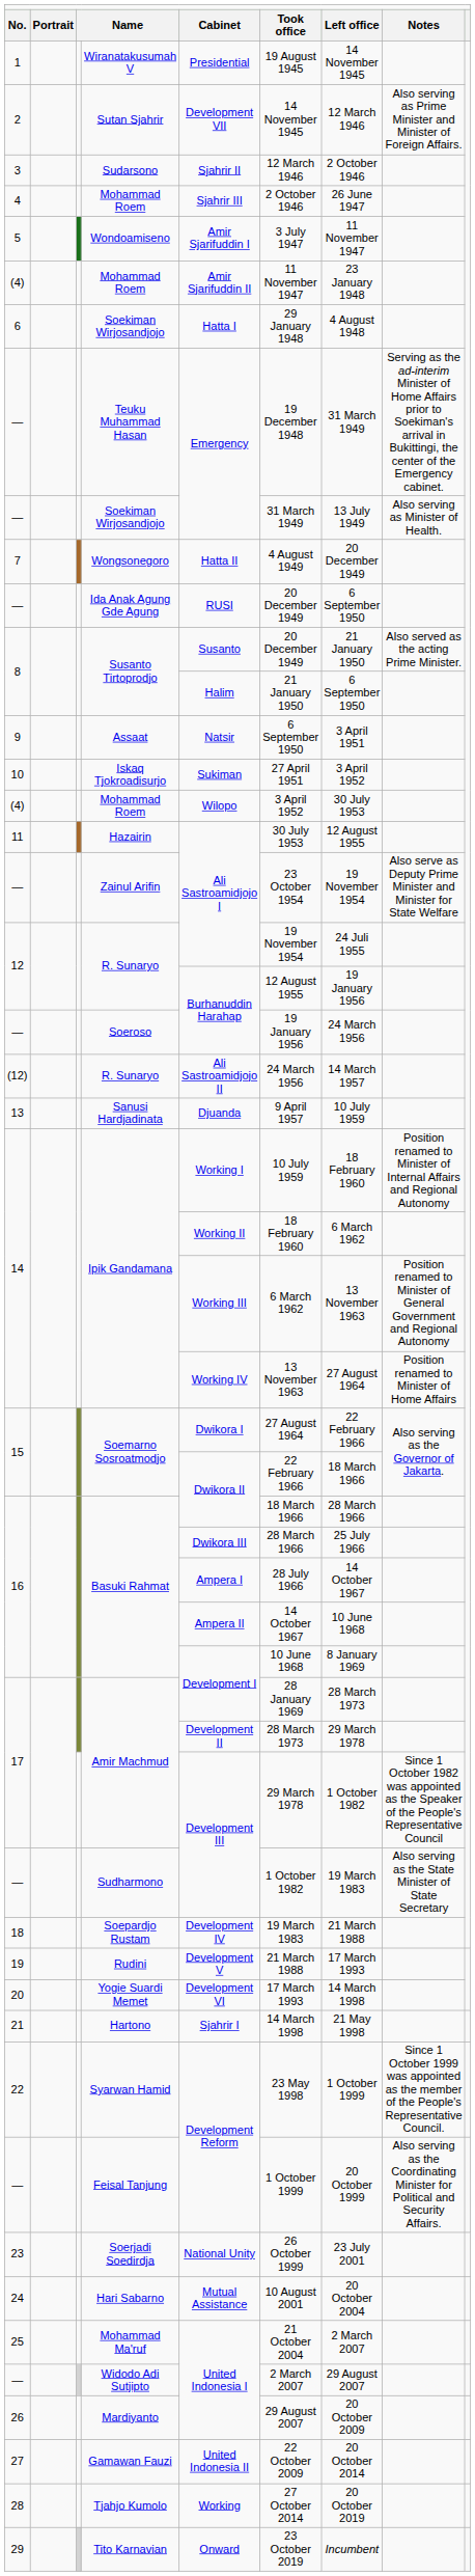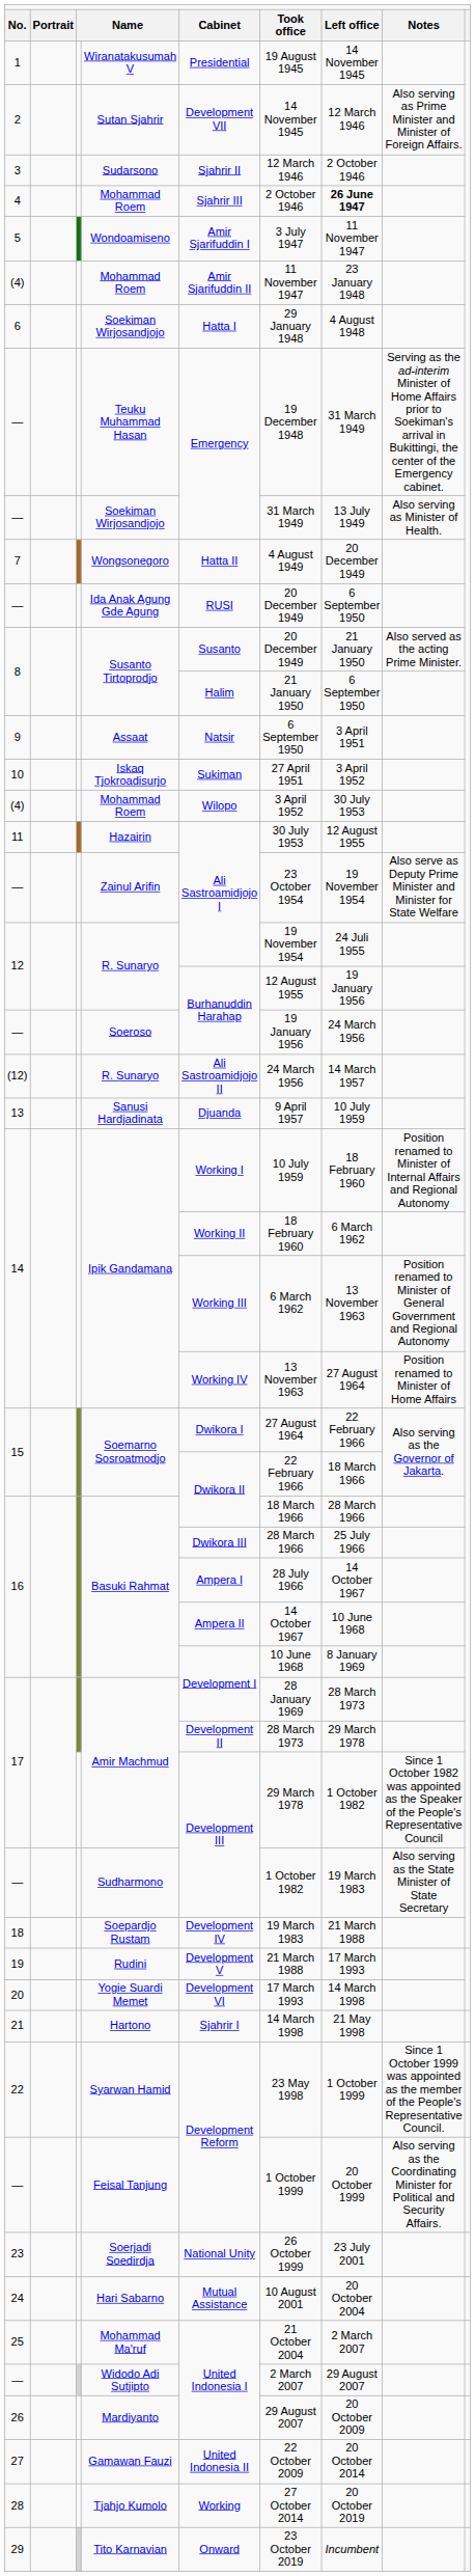 <table class="wikitable" style="text-align: center">
 <tr>
 <td colspan=9></td>
 </tr>
 <tr style="background-color:#cfc;">
 <th>No.</th>
 <th>Portrait</th>
 <th colspan="2">Name</th>
 <th>Cabinet</th>
 <th>Took office</th>
 <th>Left office</th>
 <th>Notes</th>
 <th></th>
 </tr>
 <tr style="background:#F9F9F9">
 <td align="center">1</td>
 <td></td>
 <td bgcolor=></td>
 <td><a href='#'>Wiranatakusumah V</a></td>
 <td><a href='#'>Presidential</a></td>
 <td>19 August 1945</td>
 <td>14 November 1945</td>
 <td></td>
 <td rowspan="39"></td>
 </tr>
 <tr style="background:#F9F9F9">
 <td align="center">2</td>
 <td></td>
 <td bgcolor=></td>
 <td><a href='#'>Sutan Sjahrir</a></td>
 <td><a href='#'>Development VII</a></td>
 <td>14 November 1945</td>
 <td>12 March 1946</td>
 <td>Also serving as Prime Minister and Minister of Foreign Affairs.</td>
 </tr>
 <tr style="background:#F9F9F9">
 <td align="center">3</td>
 <td></td>
 <td bgcolor=></td>
 <td><a href='#'>Sudarsono</a></td>
 <td><a href='#'>Sjahrir II</a></td>
 <td>12 March 1946</td>
 <td>2 October 1946</td>
 <td></td>
 </tr>
 <tr style="background:#F9F9F9">
 <td align="center">4</td>
 <td></td>
 <td bgcolor=></td>
 <td><a href='#'>Mohammad Roem</a></td>
 <td><a href='#'>Sjahrir III</a></td>
 <td>2 October 1946</td>
-<td>26 June 1947</td>
+<td><strong>26 June 1947</strong></td>
 <td></td>
 </tr>
 <tr style="background:#F9F9F9">
 <td align="center">5</td>
 <td></td>
 <td bgcolor=#197019></td>
 <td><a href='#'>Wondoamiseno</a></td>
 <td><a href='#'>Amir Sjarifuddin I</a></td>
 <td>3 July 1947</td>
 <td>11 November 1947</td>
 <td></td>
 </tr>
 <tr style="background:#F9F9F9">
 <td align="center">(4)</td>
 <td></td>
 <td bgcolor=></td>
 <td><a href='#'>Mohammad Roem</a></td>
 <td><a href='#'>Amir Sjarifuddin II</a></td>
 <td>11 November 1947</td>
 <td>23 January 1948</td>
 <td></td>
 </tr>
 <tr style="background:#F9F9F9">
 <td align="center">6</td>
 <td></td>
 <td bgcolor=></td>
 <td><a href='#'>Soekiman Wirjosandjojo</a></td>
 <td><a href='#'>Hatta I</a></td>
 <td>29 January 1948</td>
 <td>4 August 1948</td>
 <td></td>
 </tr>
 <tr style="background:#F9F9F9">
 <td align="center">—</td>
 <td></td>
 <td bgcolor=></td>
 <td><a href='#'>Teuku Muhammad Hasan</a></td>
 <td rowspan=2><a href='#'>Emergency</a></td>
 <td>19 December 1948</td>
 <td>31 March 1949</td>
 <td>Serving as the <em>ad-interim</em> Minister of Home Affairs prior to Soekiman's arrival in Bukittingi, the center of the Emergency cabinet.</td>
 </tr>
 <tr>
 <td align="center">—</td>
 <td></td>
 <td bgcolor=></td>
 <td><a href='#'>Soekiman Wirjosandjojo</a></td>
 <td>31 March 1949</td>
 <td>13 July 1949</td>
 <td>Also serving as Minister of Health.</td>
 </tr>
 <tr style="background:#F9F9F9">
 <td align="center">7</td>
 <td></td>
 <td bgcolor=#a5682a></td>
 <td><a href='#'>Wongsonegoro</a></td>
 <td><a href='#'>Hatta II</a></td>
 <td>4 August 1949</td>
 <td>20 December 1949</td>
 <td></td>
 </tr>
 <tr style="background:#F9F9F9">
 <td align="center">—</td>
 <td></td>
 <td bgcolor=></td>
 <td><a href='#'>Ida Anak Agung Gde Agung</a></td>
 <td><a href='#'>RUSI</a></td>
 <td>20 December 1949</td>
 <td>6 September 1950</td>
 <td></td>
 </tr>
 <tr style="background:#F9F9F9">
 <td align="center" rowspan=2>8</td>
 <td rowspan=2></td>
 <td rowspan=2 bgcolor=></td>
 <td rowspan=2><a href='#'>Susanto Tirtoprodjo</a></td>
 <td><a href='#'>Susanto</a></td>
 <td>20 December 1949</td>
 <td>21 January 1950</td>
 <td>Also served as the acting Prime Minister.</td>
 </tr>
 <tr style="background:#F9F9F9">
 <td><a href='#'>Halim</a></td>
 <td>21 January 1950</td>
 <td>6 September 1950</td>
 <td></td>
 </tr>
 <tr style="background:#F9F9F9">
 <td align="center">9</td>
 <td></td>
 <td bgcolor=></td>
 <td><a href='#'>Assaat</a></td>
 <td><a href='#'>Natsir</a></td>
 <td>6 September 1950</td>
 <td>3 April 1951</td>
 <td></td>
 </tr>
 <tr style="background:#F9F9F9">
 <td align="center">10</td>
 <td></td>
 <td bgcolor=></td>
 <td><a href='#'>Iskaq Tjokroadisurjo</a></td>
 <td><a href='#'>Sukiman</a></td>
 <td>27 April 1951</td>
 <td>3 April 1952</td>
 <td></td>
 </tr>
 <tr style="background:#F9F9F9">
 <td align="center">(4)</td>
 <td></td>
 <td bgcolor=></td>
 <td><a href='#'>Mohammad Roem</a></td>
 <td><a href='#'>Wilopo</a></td>
 <td>3 April 1952</td>
 <td>30 July 1953</td>
 <td></td>
 </tr>
 <tr style="background:#F9F9F9">
 <td align="center">11</td>
 <td></td>
 <td bgcolor=#a5682a></td>
 <td><a href='#'>Hazairin</a></td>
 <td rowspan=3><a href='#'>Ali Sastroamidjojo I</a></td>
 <td>30 July 1953</td>
 <td>12 August 1955</td>
 <td></td>
 </tr>
 <tr style="background:#F9F9F9">
 <td>—</td>
 <td></td>
 <td bgcolor=></td>
 <td><a href='#'>Zainul Arifin</a><br></td>
 <td>23 October 1954</td>
 <td>19 November 1954</td>
 <td>Also serve as Deputy Prime Minister and Minister for State Welfare</td>
 </tr>
 <tr style="background:#F9F9F9">
 <td align="center" rowspan=2>12</td>
 <td rowspan=2></td>
 <td rowspan=2 bgcolor=></td>
 <td rowspan=2><a href='#'>R. Sunaryo</a></td>
 <td>19 November 1954</td>
 <td>24 Juli 1955</td>
 <td></td>
 </tr>
 <tr>
 <td rowspan=2><a href='#'>Burhanuddin Harahap</a></td>
 <td>12 August 1955</td>
 <td>19 January 1956</td>
 <td></td>
 </tr>
 <tr>
 <td>—</td>
 <td></td>
 <td bgcolor=></td>
 <td><a href='#'>Soeroso</a><br></td>
 <td>19 January 1956</td>
 <td>24 March 1956</td>
 <td></td>
 </tr>
 <tr style="background:#F9F9F9">
 <td align="center">(12)</td>
 <td></td>
 <td bgcolor=></td>
 <td><a href='#'>R. Sunaryo</a></td>
 <td><a href='#'>Ali Sastroamidjojo II</a></td>
 <td>24 March 1956</td>
 <td>14 March 1957</td>
 <td></td>
 </tr>
 <tr style="background:#F9F9F9">
 <td align="center">13</td>
 <td></td>
 <td bgcolor=></td>
 <td><a href='#'>Sanusi Hardjadinata</a></td>
 <td><a href='#'>Djuanda</a></td>
 <td>9 April 1957</td>
 <td>10 July 1959</td>
 <td></td>
 </tr>
 <tr style="background:#F9F9F9">
 <td align="center" rowspan=4>14</td>
 <td rowspan=4></td>
 <td rowspan=4 bgcolor=></td>
 <td rowspan=4><a href='#'>Ipik Gandamana</a></td>
 <td><a href='#'>Working I</a></td>
 <td>10 July 1959</td>
 <td>18 February 1960</td>
 <td>Position renamed to Minister of Internal Affairs and Regional Autonomy</td>
 </tr>
 <tr style="background:#F9F9F9">
 <td><a href='#'>Working II</a></td>
 <td>18 February 1960</td>
 <td>6 March 1962</td>
 <td></td>
 </tr>
 <tr style="background:#F9F9F9">
 <td><a href='#'>Working III</a></td>
 <td>6 March 1962</td>
 <td>13 November 1963</td>
 <td>Position renamed to Minister of General Government and Regional Autonomy</td>
 </tr>
 <tr style="background:#F9F9F9">
 <td><a href='#'>Working IV</a></td>
 <td>13 November 1963</td>
 <td>27 August 1964</td>
 <td>Position renamed to Minister of Home Affairs</td>
 </tr>
 <tr style="background:#F9F9F9">
 <td align="center" rowspan=2>15</td>
 <td rowspan=2></td>
 <td rowspan=2 bgcolor="#7B8738"></td>
 <td rowspan=2><a href='#'>Soemarno Sosroatmodjo</a></td>
 <td><a href='#'>Dwikora I</a></td>
 <td>27 August 1964</td>
 <td>22 February 1966</td>
 <td rowspan="2">Also serving as the <a href='#'>Governor of Jakarta</a>.</td>
 </tr>
 <tr>
 <td rowspan="2"><a href='#'>Dwikora II</a></td>
 <td>22 February 1966</td>
 <td>18 March 1966</td>
 </tr>
 <tr style="background:#F9F9F9">
 <td align="center" rowspan=5>16</td>
 <td rowspan=5></td>
 <td rowspan=5 bgcolor="#7B8738"></td>
 <td rowspan=5><a href='#'>Basuki Rahmat</a></td>
 <td>18 March 1966</td>
 <td>28 March 1966</td>
 <td></td>
 </tr>
 <tr>
 <td><a href='#'>Dwikora III</a></td>
 <td>28 March 1966</td>
 <td>25 July 1966</td>
 <td></td>
 </tr>
 <tr style="background:#F9F9F9">
 <td><a href='#'>Ampera I</a></td>
 <td>28 July 1966</td>
 <td>14 October 1967</td>
 <td></td>
 </tr>
 <tr style="background:#F9F9F9">
 <td><a href='#'>Ampera II</a></td>
 <td>14 October 1967</td>
 <td>10 June 1968</td>
 <td></td>
 </tr>
 <tr style="background:#F9F9F9">
 <td rowspan=2><a href='#'>Development I</a></td>
 <td>10 June 1968</td>
 <td>8 January 1969</td>
 <td></td>
 </tr>
 <tr style="background:#F9F9F9">
 <td align="center" rowspan=3>17</td>
 <td rowspan=3></td>
 <td rowspan=2 bgcolor="#7B8738"></td>
 <td rowspan=3><a href='#'>Amir Machmud</a></td>
 <td>28 January 1969</td>
 <td>28 March 1973</td>
 <td></td>
 </tr>
 <tr>
 <td><a href='#'>Development II</a></td>
 <td>28 March 1973</td>
 <td>29 March 1978</td>
 <td></td>
 </tr>
 <tr style="background:#F9F9F9">
 <td bgcolor=></td>
 <td rowspan=2><a href='#'>Development III</a></td>
 <td>29 March 1978</td>
 <td>1 October 1982</td>
 <td>Since 1 October 1982 was appointed as the Speaker of the People's Representative Council</td>
 </tr>
 <tr style="background:#F9F9F9">
 <td align="center">—</td>
 <td></td>
 <td bgcolor=></td>
 <td><a href='#'>Sudharmono</a></td>
 <td>1 October 1982</td>
 <td>19 March 1983</td>
 <td>Also serving as the State Minister of State Secretary</td>
 </tr>
 <tr style="background:#F9F9F9">
 <td align="center">18</td>
 <td></td>
 <td bgcolor=></td>
 <td><a href='#'>Soepardjo Rustam</a></td>
 <td><a href='#'>Development IV</a></td>
 <td>19 March 1983</td>
 <td>21 March 1988</td>
 <td></td>
 </tr>
 <tr style="background:#F9F9F9">
 <td align="center">19</td>
 <td></td>
 <td bgcolor=></td>
 <td><a href='#'>Rudini</a></td>
 <td><a href='#'>Development V</a></td>
 <td>21 March 1988</td>
 <td>17 March 1993</td>
 <td></td>
 </tr>
 <tr style="background:#F9F9F9">
 <td align="center">20</td>
 <td></td>
 <td bgcolor=></td>
 <td><a href='#'>Yogie Suardi Memet</a></td>
 <td><a href='#'>Development VI</a></td>
 <td>17 March 1993</td>
 <td>14 March 1998</td>
 <td></td>
 </tr>
 <tr style="background:#F9F9F9">
 <td align="center">21</td>
 <td></td>
 <td bgcolor=></td>
 <td><a href='#'>Hartono</a></td>
 <td><a href='#'>Sjahrir I</a></td>
 <td>14 March 1998</td>
 <td>21 May 1998</td>
 <td></td>
 <td></td>
 </tr>
 <tr style="background:#F9F9F9">
 <td align="center">22</td>
 <td></td>
 <td bgcolor=></td>
 <td><a href='#'>Syarwan Hamid</a></td>
 <td rowspan=2><a href='#'>Development Reform</a></td>
 <td>23 May 1998</td>
 <td>1 October 1999</td>
 <td>Since 1 October 1999 was appointed as the member of the People's Representative Council.</td>
 <td></td>
 </tr>
 <tr>
 <td align="center">—</td>
 <td></td>
 <td bgcolor=></td>
 <td><a href='#'>Feisal Tanjung</a><br></td>
 <td>1 October 1999</td>
 <td>20 October 1999</td>
 <td>Also serving as the Coordinating Minister for Political and Security Affairs.</td>
 <td></td>
 </tr>
 <tr style="background:#F9F9F9">
 <td align="center">23</td>
 <td></td>
 <td bgcolor=></td>
 <td><a href='#'>Soerjadi Soedirdja</a></td>
 <td><a href='#'>National Unity</a></td>
 <td>26 October 1999</td>
 <td>23 July 2001</td>
 <td></td>
 <td></td>
 </tr>
 <tr style="background:#F9F9F9">
 <td align="center">24</td>
 <td></td>
 <td bgcolor=></td>
 <td><a href='#'>Hari Sabarno</a></td>
 <td><a href='#'>Mutual Assistance</a></td>
 <td>10 August 2001</td>
 <td>20 October 2004</td>
 <td></td>
 <td></td>
 </tr>
 <tr style="background:#F9F9F9">
 <td align="center">25</td>
 <td></td>
 <td bgcolor=></td>
 <td><a href='#'>Mohammad Ma'ruf</a></td>
 <td rowspan=3><a href='#'>United Indonesia I</a></td>
 <td>21 October 2004</td>
 <td>2 March 2007</td>
 <td></td>
 <td></td>
 </tr>
 <tr style="background:#F9F9F9">
 <td align="center">—</td>
 <td></td>
 <td bgcolor=#d3d3d3></td>
 <td><a href='#'>Widodo Adi Sutjipto</a><br></td>
 <td>2 March 2007</td>
 <td>29 August 2007</td>
 <td></td>
 <td></td>
 </tr>
 <tr style="background:#F9F9F9">
 <td align="center">26</td>
 <td></td>
 <td bgcolor=></td>
 <td><a href='#'>Mardiyanto</a></td>
 <td>29 August 2007</td>
 <td>20 October 2009</td>
 <td></td>
 <td></td>
 </tr>
 <tr style="background:#F9F9F9">
 <td align="center">27</td>
 <td></td>
 <td bgcolor=></td>
 <td><a href='#'>Gamawan Fauzi</a></td>
 <td><a href='#'>United Indonesia II</a></td>
 <td>22 October 2009</td>
 <td>20 October 2014</td>
 <td></td>
 <td></td>
 </tr>
 <tr style="background:#F9F9F9">
 <td align="center">28</td>
 <td></td>
 <td bgcolor=></td>
 <td><a href='#'>Tjahjo Kumolo</a></td>
 <td><a href='#'>Working</a></td>
 <td>27 October 2014</td>
 <td>20 October 2019</td>
 <td></td>
 <td></td>
 </tr>
 <tr style="background:">
 <td align="center">29</td>
 <td></td>
 <td bgcolor=#d3d3d3></td>
 <td><a href='#'>Tito Karnavian</a><br></td>
 <td><a href='#'>Onward</a></td>
 <td>23 October 2019</td>
 <td><em>Incumbent</em></td>
 <td></td>
 <td></td>
 </tr>
 </table>
